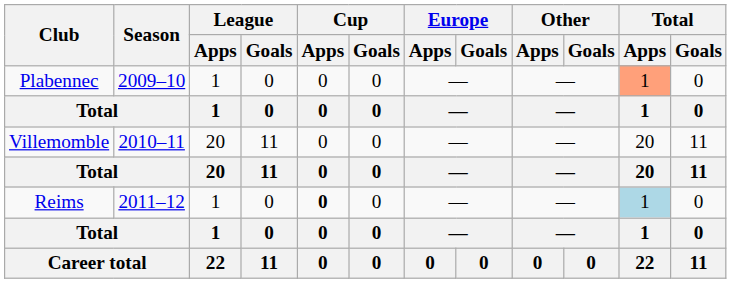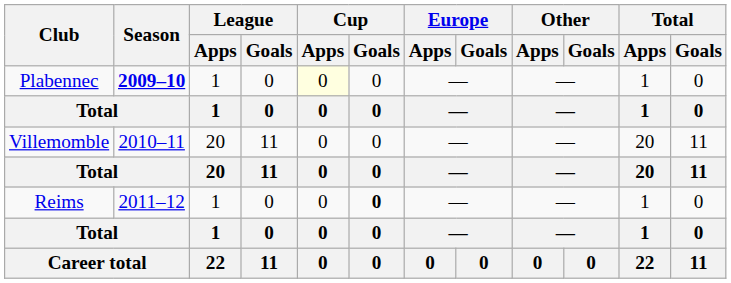 <table class="wikitable" style="font-size:100%; text-align: center;">
 <tr>
 <th rowspan="2">Club</th>
 <th rowspan="2">Season</th>
 <th colspan="2">League</th>
 <th colspan="2">Cup</th>
 <th colspan="2"><a href='#'>Europe</a></th>
 <th colspan="2">Other</th>
 <th colspan="2">Total</th>
 </tr>
 <tr>
 <th>Apps</th>
 <th>Goals</th>
 <th>Apps</th>
 <th>Goals</th>
 <th>Apps</th>
 <th>Goals</th>
 <th>Apps</th>
 <th>Goals</th>
 <th>Apps</th>
 <th>Goals</th>
 </tr>
 <tr>
 <td rowspan="1" valign="center"><a href='#'>Plabennec</a></td>
-<td><a href='#'>2009–10</a></td>
+<td><strong><a href='#'>2009–10</a></strong></td>
 <td>1</td>
 <td>0</td>
-<td>0</td>
+<td style="background: lightyellow;">0</td>
 <td>0</td>
 <td colspan=2>—</td>
 <td colspan=2>—</td>
-<td style="background: lightsalmon;">1</td>
+<td>1</td>
 <td>0</td>
 </tr>
 <tr>
 <th colspan="2">Total</th>
 <th>1</th>
 <th>0</th>
 <th>0</th>
 <th>0</th>
 <th colspan=2>—</th>
 <th colspan=2>—</th>
 <th>1</th>
 <th>0</th>
 </tr>
 <tr>
 <td rowspan="1" valign="center"><a href='#'>Villemomble</a></td>
 <td><a href='#'>2010–11</a></td>
 <td>20</td>
 <td>11</td>
 <td>0</td>
 <td>0</td>
 <td colspan=2>—</td>
 <td colspan=2>—</td>
 <td>20</td>
 <td>11</td>
 </tr>
 <tr>
 <th colspan="2">Total</th>
 <th>20</th>
 <th>11</th>
 <th>0</th>
 <th>0</th>
 <th colspan=2>—</th>
 <th colspan=2>—</th>
 <th>20</th>
 <th>11</th>
 </tr>
 <tr>
 <td rowspan="1" valign="center"><a href='#'>Reims</a></td>
 <td><a href='#'>2011–12</a></td>
 <td>1</td>
 <td>0</td>
+<td>0</td>
 <td><strong>0</strong></td>
-<td>0</td>
 <td colspan=2>—</td>
 <td colspan=2>—</td>
-<td style="background: lightblue;">1</td>
+<td>1</td>
 <td>0</td>
 </tr>
 <tr>
 <th colspan="2">Total</th>
 <th>1</th>
 <th>0</th>
 <th>0</th>
 <th>0</th>
 <th colspan=2>—</th>
 <th colspan=2>—</th>
 <th>1</th>
 <th>0</th>
 </tr>
 <tr>
 <th colspan="2">Career total</th>
 <th>22</th>
 <th>11</th>
 <th>0</th>
 <th>0</th>
 <th>0</th>
 <th>0</th>
 <th>0</th>
 <th>0</th>
 <th>22</th>
 <th>11</th>
 </tr>
 </table>
